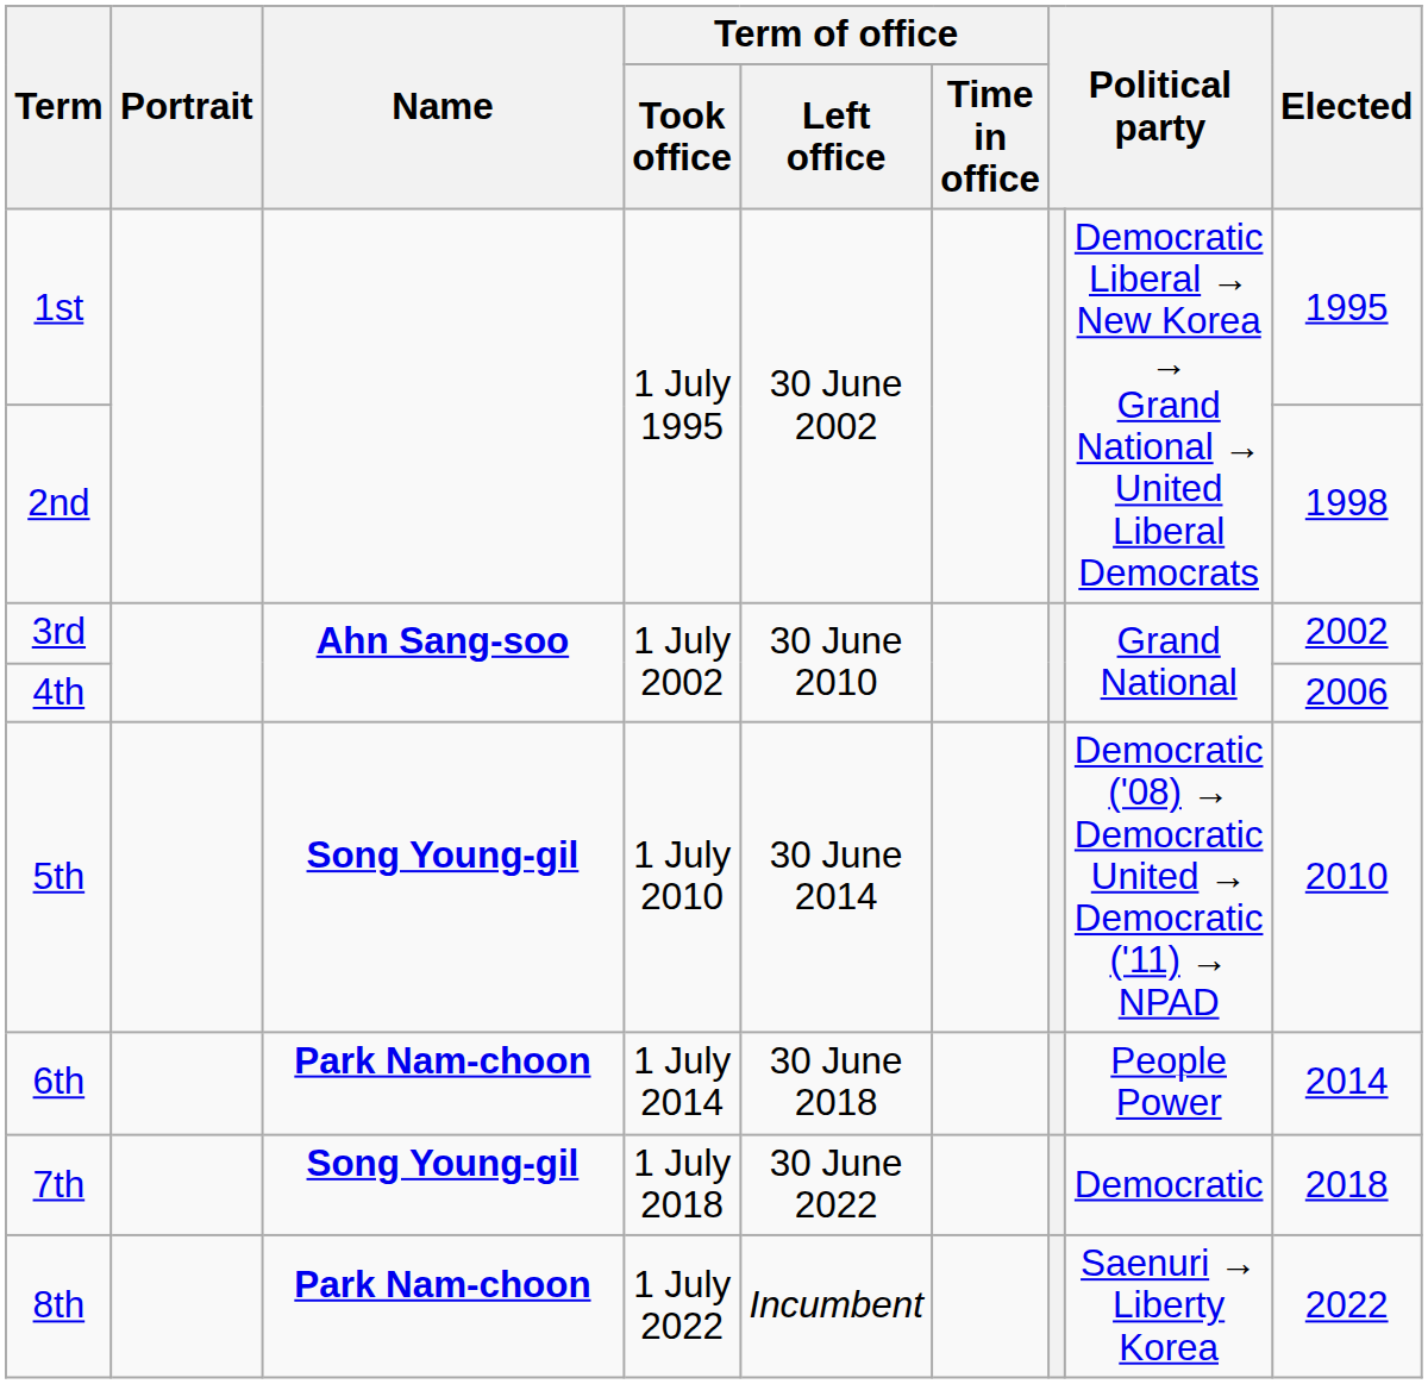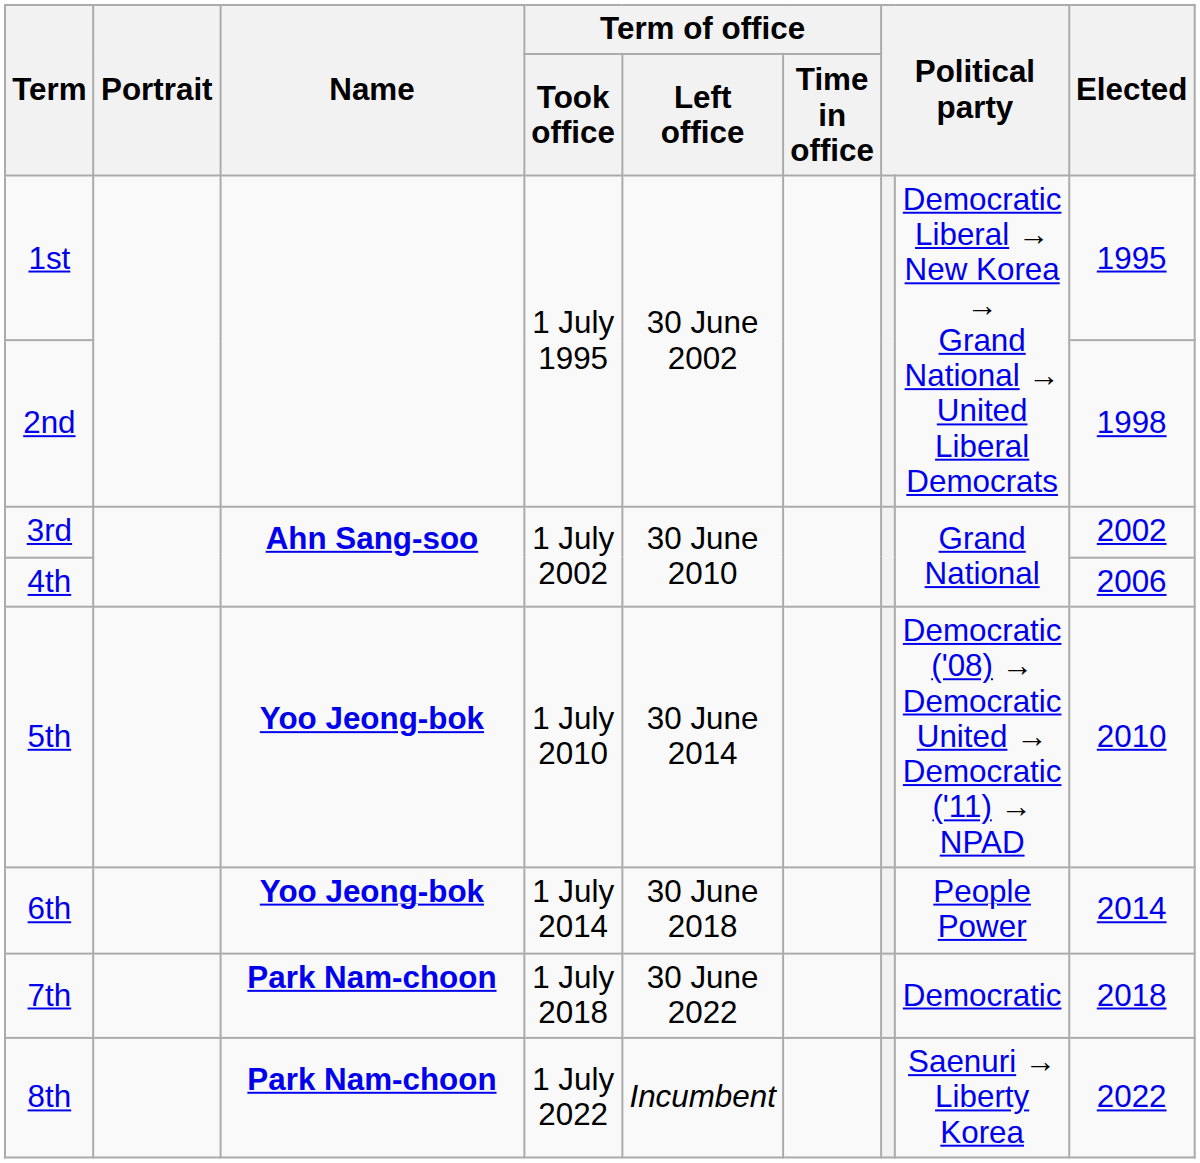 <table class="wikitable" style="text-align:center">
 <tr>
 <th rowspan="2">Term</th>
 <th rowspan="2">Portrait</th>
 <th rowspan="2" width="160">Name<br></th>
 <th colspan="3">Term of office</th>
 <th colspan="2" rowspan="2">Political party</th>
 <th rowspan="2">Elected</th>
 </tr>
 <tr>
 <th>Took office</th>
 <th>Left office</th>
 <th>Time in office</th>
 </tr>
 <tr>
 <td><a href='#'>1st</a></td>
 <td rowspan="2"></td>
 <td rowspan="2"><strong></strong><br><br></td>
 <td rowspan="2">1 July 1995</td>
 <td rowspan="2">30 June 2002</td>
 <td rowspan="2"></td>
 <th rowspan="2" style="background:"></th>
 <td rowspan="2"><a href='#'>Democratic Liberal</a> →<br><a href='#'>New Korea</a> →<br><a href='#'>Grand National</a> →<br><a href='#'>United Liberal Democrats</a></td>
 <td><a href='#'>1995</a></td>
 </tr>
 <tr>
 <td><a href='#'>2nd</a></td>
 <td><a href='#'>1998</a></td>
 </tr>
 <tr>
 <td><a href='#'>3rd</a></td>
 <td rowspan="2"></td>
 <td rowspan="2"><strong><a href='#'>Ahn Sang-soo</a></strong><br><br></td>
 <td rowspan="2">1 July 2002</td>
 <td rowspan="2">30 June 2010</td>
 <td rowspan="2"></td>
 <th rowspan="2" style="background:"></th>
 <td rowspan="2"><a href='#'>Grand National</a></td>
 <td><a href='#'>2002</a></td>
 </tr>
 <tr>
 <td><a href='#'>4th</a></td>
 <td><a href='#'>2006</a></td>
 </tr>
 <tr>
 <td><a href='#'>5th</a></td>
 <td></td>
-<td><strong><a href='#'>Song Young-gil</a></strong><br><br></td>
+<td><strong><a href='#'>Yoo Jeong-bok</a></strong><br><br></td>
 <td>1 July 2010</td>
 <td>30 June 2014</td>
 <td></td>
 <th style="background:"></th>
 <td><a href='#'>Democratic ('08)</a> →<br><a href='#'>Democratic United</a> →<br><a href='#'>Democratic ('11)</a> →<br><a href='#'>NPAD</a></td>
 <td><a href='#'>2010</a></td>
 </tr>
 <tr>
 <td><a href='#'>6th</a></td>
 <td></td>
-<td><strong><a href='#'>Park Nam-choon</a></strong><br><br></td>
+<td><strong><a href='#'>Yoo Jeong-bok</a></strong><br><br></td>
 <td>1 July 2014</td>
 <td>30 June 2018</td>
 <td></td>
 <th style="background:"></th>
 <td><a href='#'>People Power</a></td>
 <td><a href='#'>2014</a></td>
 </tr>
 <tr>
 <td><a href='#'>7th</a></td>
 <td></td>
-<td><strong><a href='#'>Song Young-gil</a></strong><br><br></td>
+<td><strong><a href='#'>Park Nam-choon</a></strong><br><br></td>
 <td>1 July 2018</td>
 <td>30 June 2022</td>
 <td></td>
 <th style="background:"></th>
 <td><a href='#'>Democratic</a></td>
 <td><a href='#'>2018</a></td>
 </tr>
 <tr>
 <td><a href='#'>8th</a></td>
 <td></td>
 <td><strong><a href='#'>Park Nam-choon</a></strong><br><br></td>
 <td>1 July 2022</td>
 <td><em>Incumbent</em></td>
 <td></td>
 <th style="background:"></th>
 <td><a href='#'>Saenuri</a> →<br><a href='#'>Liberty Korea</a></td>
 <td><a href='#'>2022</a></td>
 </tr>
 </table>
